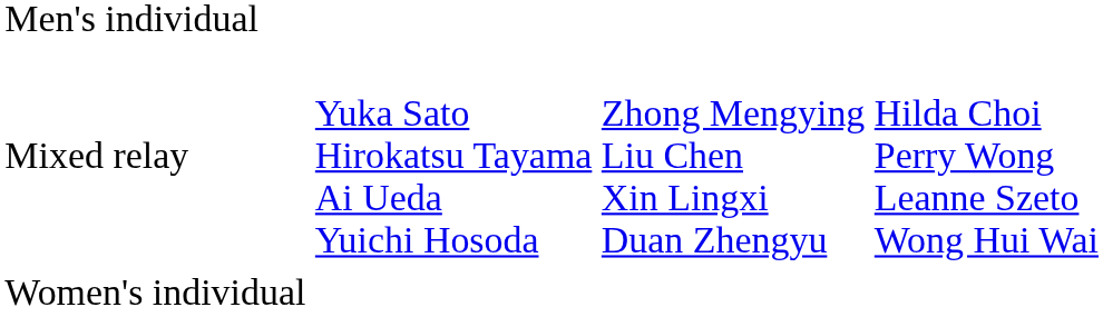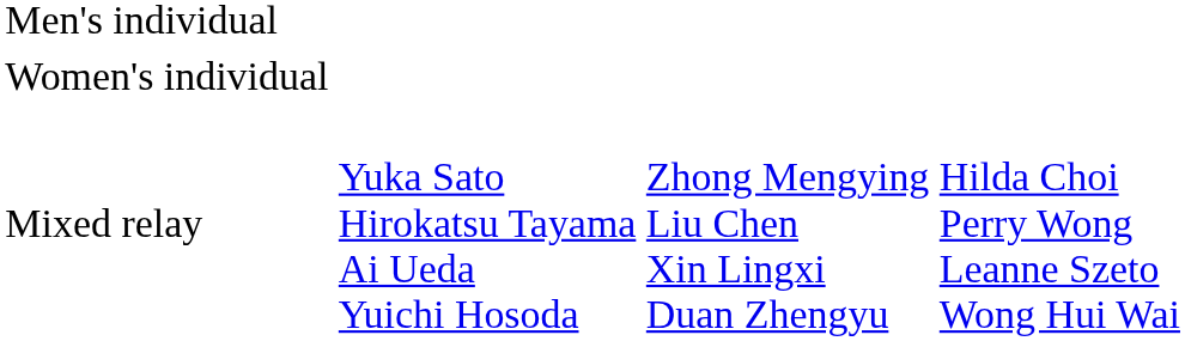 <table>
 <tr>
 <td>Men's individual</td>
+<td></td>
+<td></td>
+<td></td>
+</tr>
+<tr>
+<td>Women's individual</td>
 <td></td>
 <td></td>
 <td></td>
 </tr>
 <tr>
 <td>Mixed relay</td>
 <td><br><a href='#'>Yuka Sato</a><br><a href='#'>Hirokatsu Tayama</a><br><a href='#'>Ai Ueda</a><br><a href='#'>Yuichi Hosoda</a></td>
 <td><br><a href='#'>Zhong Mengying</a><br><a href='#'>Liu Chen</a><br><a href='#'>Xin Lingxi</a><br><a href='#'>Duan Zhengyu</a></td>
 <td><br><a href='#'>Hilda Choi</a><br><a href='#'>Perry Wong</a><br><a href='#'>Leanne Szeto</a><br><a href='#'>Wong Hui Wai</a></td>
 </tr>
-<tr>
-<td>Women's individual</td>
-<td></td>
-<td></td>
-<td></td>
-</tr>
 </table>
